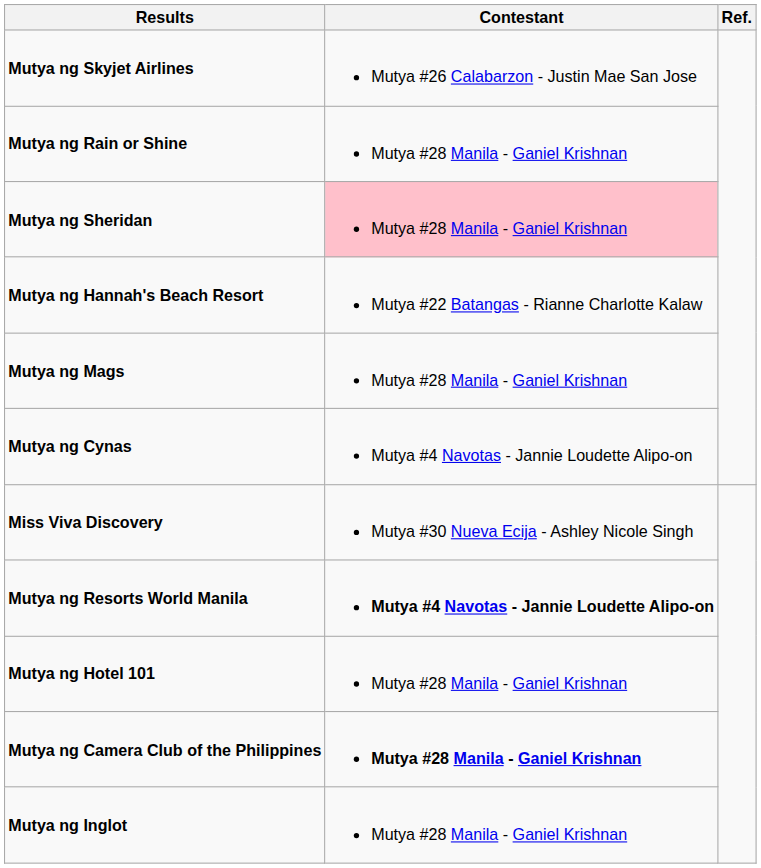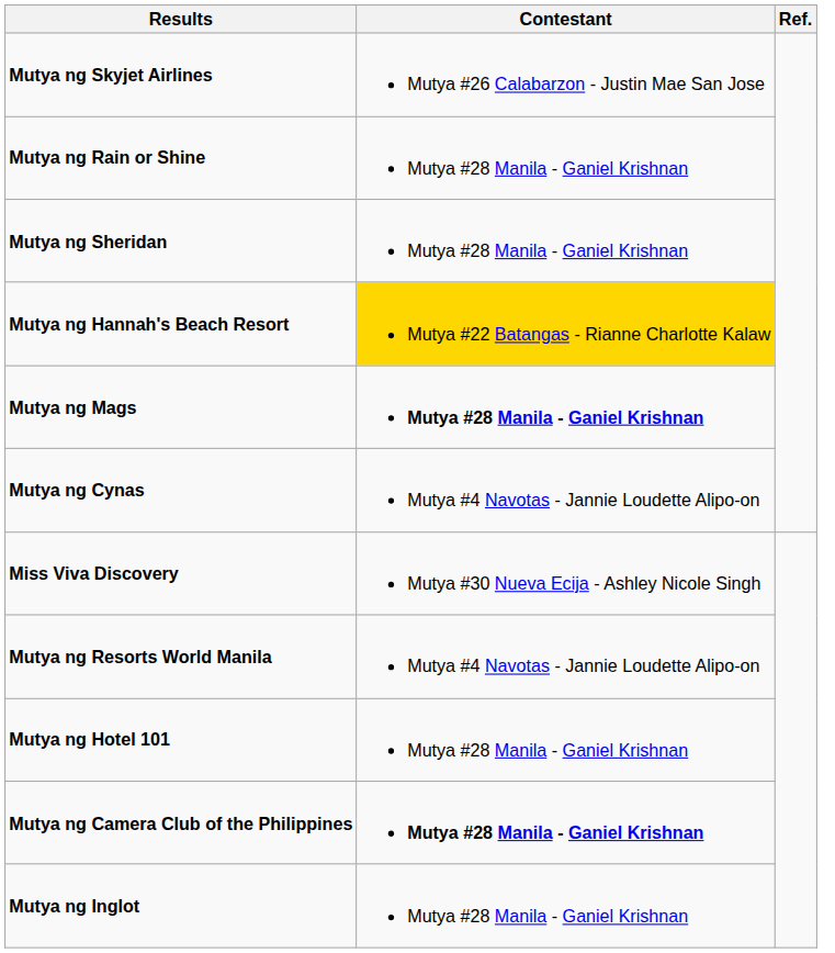 <table class="wikitable " style="font-size: 95%;">
 <tr>
 <th>Results</th>
 <th>Contestant</th>
 <th>Ref.</th>
 </tr>
 <tr>
 <td><strong>Mutya ng Skyjet Airlines</strong></td>
 <td><br><ul><li>Mutya #26 <a href='#'>Calabarzon</a> - Justin Mae San Jose</li></ul></td>
 <td rowspan="6"></td>
 </tr>
 <tr>
 <td><strong>Mutya ng Rain or Shine</strong></td>
 <td><br><ul><li>Mutya #28 <a href='#'>Manila</a> - <a href='#'>Ganiel Krishnan</a></li></ul></td>
 </tr>
 <tr>
 <td><strong>Mutya ng Sheridan</strong></td>
-<td style="background: pink;"><br><ul><li>Mutya #28 <a href='#'>Manila</a> - <a href='#'>Ganiel Krishnan</a></li></ul></td>
+<td><br><ul><li>Mutya #28 <a href='#'>Manila</a> - <a href='#'>Ganiel Krishnan</a></li></ul></td>
 </tr>
 <tr>
 <td><strong>Mutya ng Hannah's Beach Resort</strong></td>
-<td><br><ul><li>Mutya #22 <a href='#'>Batangas</a> - Rianne Charlotte Kalaw</li></ul></td>
+<td style="background: gold;"><br><ul><li>Mutya #22 <a href='#'>Batangas</a> - Rianne Charlotte Kalaw</li></ul></td>
 </tr>
 <tr>
 <td><strong>Mutya ng Mags</strong></td>
-<td><br><ul><li>Mutya #28 <a href='#'>Manila</a> - <a href='#'>Ganiel Krishnan</a></li></ul></td>
+<td><strong><br><ul><li>Mutya #28 <a href='#'>Manila</a> - <a href='#'>Ganiel Krishnan</a></li></ul></strong></td>
 </tr>
 <tr>
 <td><strong>Mutya ng Cynas</strong></td>
 <td><br><ul><li>Mutya #4 <a href='#'>Navotas</a> - Jannie Loudette Alipo-on</li></ul></td>
 </tr>
 <tr>
 <td><strong>Miss Viva Discovery</strong></td>
 <td><br><ul><li>Mutya #30 <a href='#'>Nueva Ecija</a> - Ashley Nicole Singh</li></ul></td>
 </tr>
 <tr>
 <td><strong>Mutya ng Resorts World Manila</strong></td>
-<td><strong><br><ul><li>Mutya #4 <a href='#'>Navotas</a> - Jannie Loudette Alipo-on</li></ul></strong></td>
+<td><br><ul><li>Mutya #4 <a href='#'>Navotas</a> - Jannie Loudette Alipo-on</li></ul></td>
 </tr>
 <tr>
 <td><strong>Mutya ng Hotel 101</strong></td>
 <td><br><ul><li>Mutya #28 <a href='#'>Manila</a> - <a href='#'>Ganiel Krishnan</a></li></ul></td>
 </tr>
 <tr>
 <td><strong>Mutya ng Camera Club of the Philippines</strong></td>
 <td><strong><br><ul><li>Mutya #28 <a href='#'>Manila</a> - <a href='#'>Ganiel Krishnan</a></li></ul></strong></td>
 </tr>
 <tr>
 <td><strong>Mutya ng Inglot</strong></td>
 <td><br><ul><li>Mutya #28 <a href='#'>Manila</a> - <a href='#'>Ganiel Krishnan</a></li></ul></td>
 </tr>
 </table>
